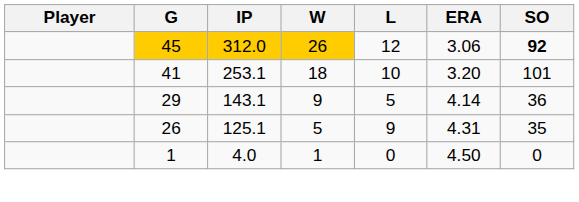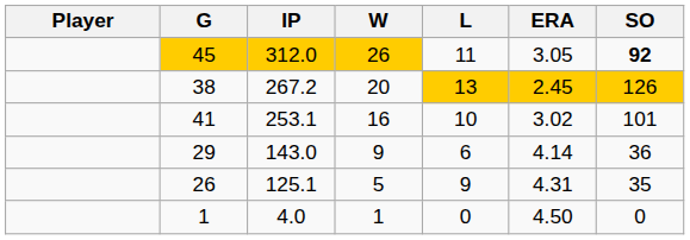 <table class="wikitable sortable">
 <tr>
 <th bgcolor="#DDDDFF" width="16%">Player</th>
 <th bgcolor="#DDDDFF" width="9%">G</th>
 <th bgcolor="#DDDDFF" width="9%">IP</th>
 <th bgcolor="#DDDDFF" width="9%">W</th>
 <th bgcolor="#DDDDFF" width="9%">L</th>
 <th bgcolor="#DDDDFF" width="9%">ERA</th>
 <th bgcolor="#DDDDFF" width="9%">SO</th>
 </tr>
 <tr align="center">
 <td></td>
 <td style="background:#fc0;">45</td>
 <td style="background:#fc0;">312.0</td>
 <td style="background:#fc0;">26</td>
-<td>12</td>
-<td>3.06</td>
+<td>11</td>
+<td>3.05</td>
 <td><strong>92</strong></td>
+</tr>
+<tr align="center">
+<td></td>
+<td>38</td>
+<td>267.2</td>
+<td>20</td>
+<td style="background:#fc0;">13</td>
+<td style="background:#fc0;">2.45</td>
+<td style="background:#fc0;">126</td>
 </tr>
 <tr align="center">
 <td></td>
 <td>41</td>
 <td>253.1</td>
-<td>18</td>
+<td>16</td>
 <td>10</td>
-<td>3.20</td>
+<td>3.02</td>
 <td>101</td>
 </tr>
 <tr align="center">
 <td></td>
 <td>29</td>
-<td>143.1</td>
+<td>143.0</td>
 <td>9</td>
-<td>5</td>
+<td>6</td>
 <td>4.14</td>
 <td>36</td>
 </tr>
 <tr align="center">
 <td></td>
 <td>26</td>
 <td>125.1</td>
 <td>5</td>
 <td>9</td>
 <td>4.31</td>
 <td>35</td>
 </tr>
 <tr align="center">
 <td></td>
 <td>1</td>
 <td>4.0</td>
 <td>1</td>
 <td>0</td>
 <td>4.50</td>
 <td>0</td>
 </tr>
 </table>
